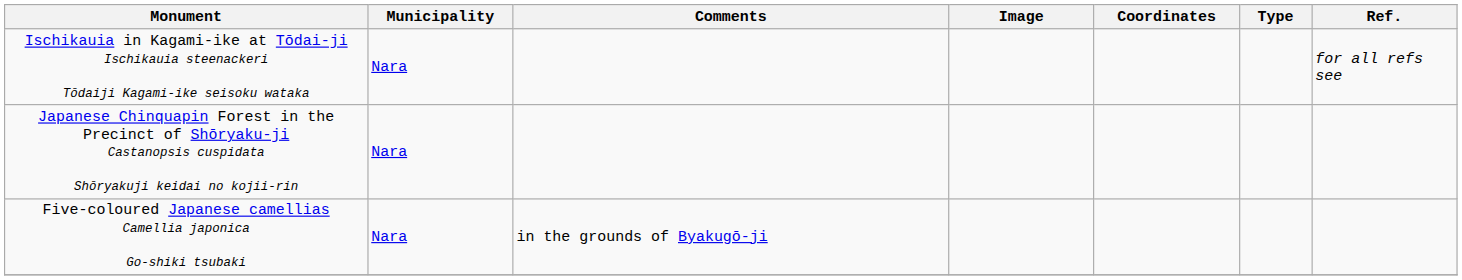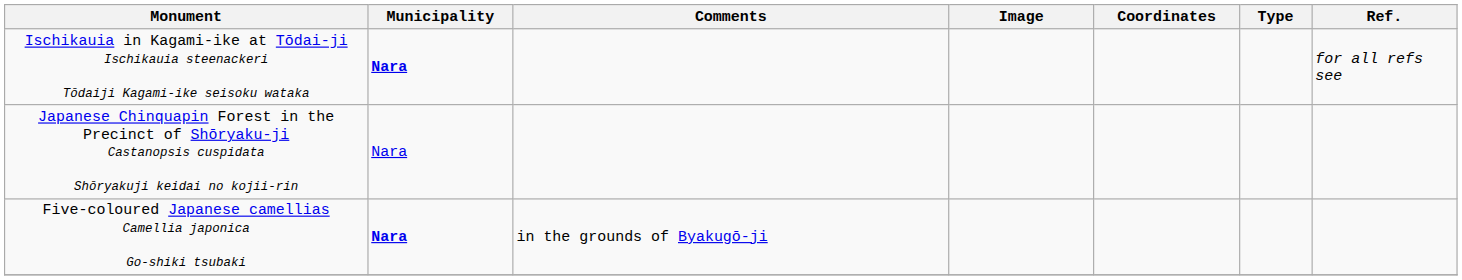 <table class="wikitable sortable"  style="width:100%;">
 <tr>
 <th width="25%" align="left">Monument</th>
 <th width="10%" align="left">Municipality</th>
 <th width="30%" align="left" class="unsortable">Comments</th>
 <th width="10%" align="left" class="unsortable">Image</th>
 <th width="10%" align="left" class="unsortable">Coordinates</th>
 <th width="5%" align="left">Type</th>
 <th width="10%" align="left" class="unsortable">Ref.</th>
 </tr>
 <tr>
 <td align="center"><a href='#'>Ischikauia</a> in Kagami-ike at <a href='#'>Tōdai-ji</a><br><small><em>Ischikauia steenackeri</em></small><br><br><small><em>Tōdaiji Kagami-ike seisoku wataka</em></small></td>
-<td><a href='#'>Nara</a></td>
+<td><strong><a href='#'>Nara</a></strong></td>
 <td></td>
 <td></td>
 <td></td>
 <td></td>
 <td><em>for all refs see</em> </td>
 </tr>
 <tr>
 <td align="center"><a href='#'>Japanese Chinquapin</a> Forest in the Precinct of <a href='#'>Shōryaku-ji</a><br><small><em>Castanopsis cuspidata</em></small><br><br><small><em>Shōryakuji keidai no kojii-rin</em></small></td>
 <td><a href='#'>Nara</a></td>
 <td></td>
 <td></td>
 <td></td>
 <td></td>
 <td></td>
 </tr>
 <tr>
 <td align="center">Five-coloured <a href='#'>Japanese camellias</a><br><small><em>Camellia japonica</em></small><br><br><small><em>Go-shiki tsubaki</em></small></td>
-<td><a href='#'>Nara</a></td>
+<td><strong><a href='#'>Nara</a></strong></td>
 <td>in the grounds of <a href='#'>Byakugō-ji</a></td>
 <td></td>
 <td></td>
 <td></td>
 <td></td>
 </tr>
 <tr>
 </tr>
 </table>
